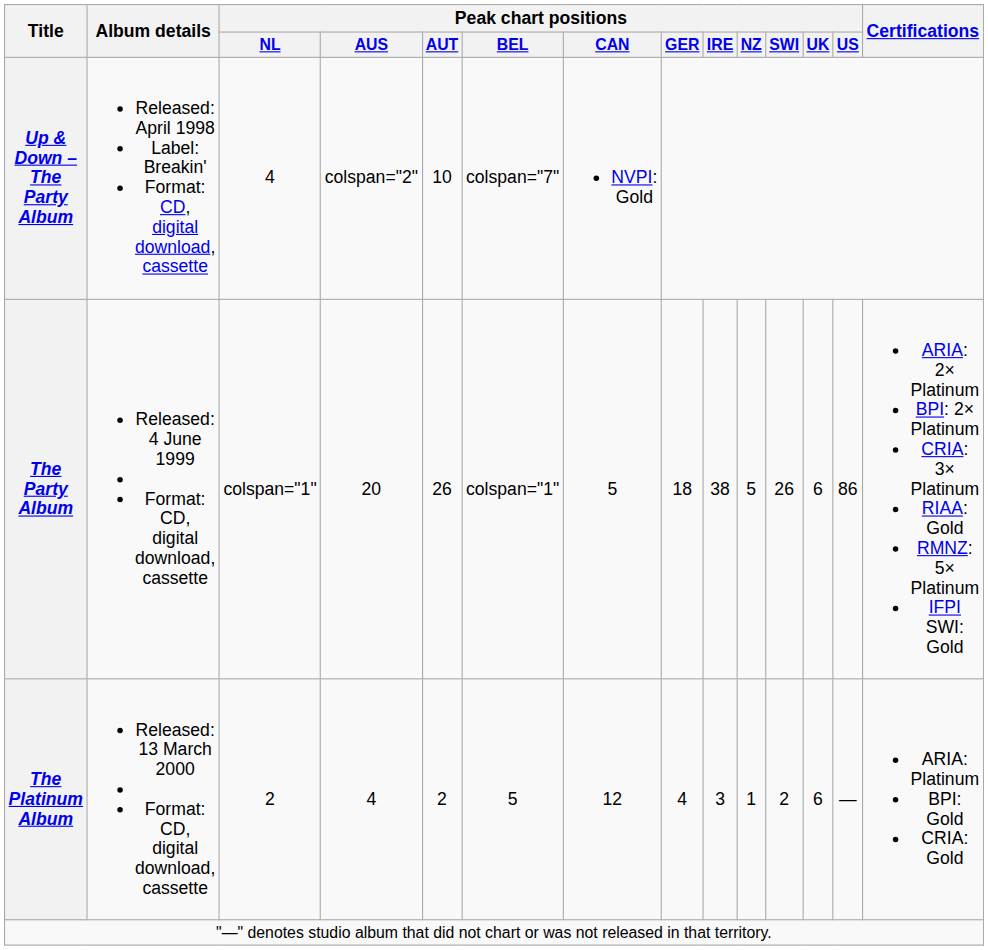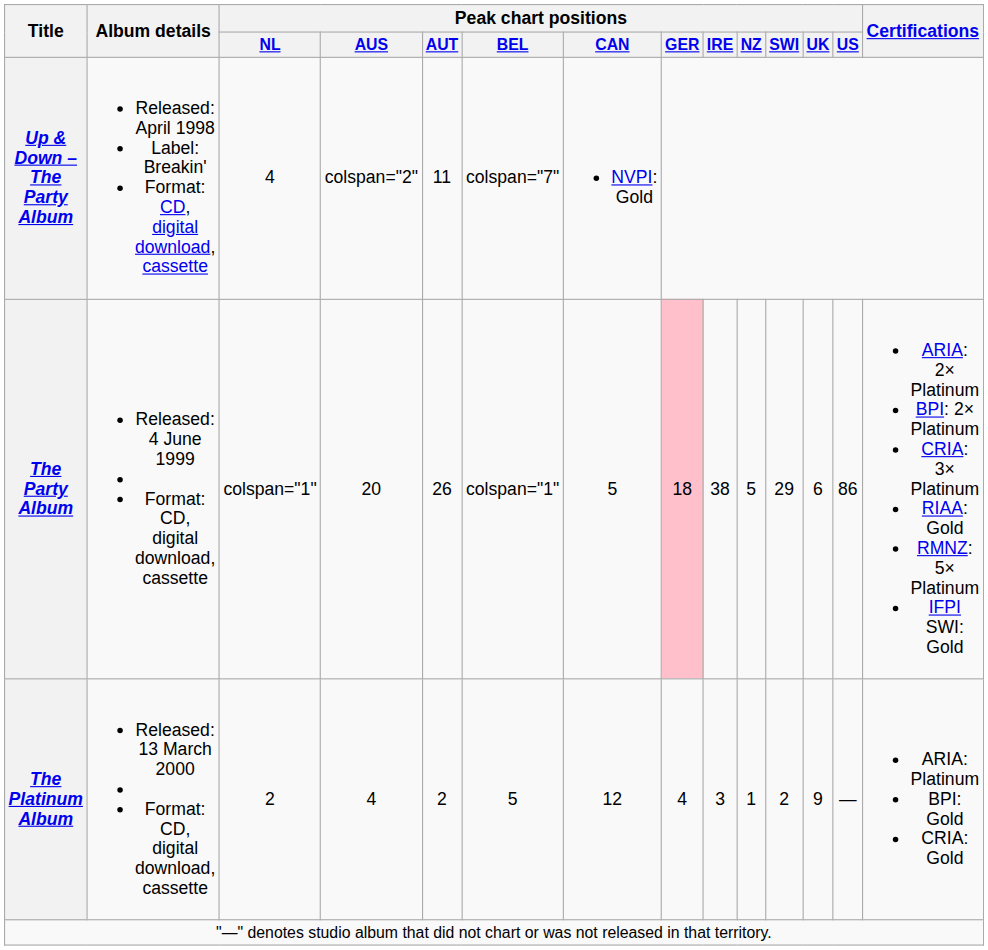 <table class="wikitable plainrowheaders" style="text-align:center;">
 <tr>
 <th scope="col" rowspan="2" style="width:11em;">Title</th>
 <th scope="col" rowspan="2" style="width:16em;">Album details</th>
 <th scope="col" colspan="11">Peak chart positions</th>
 <th scope="col" rowspan="2" style="width:13em;"><a href='#'>Certifications</a></th>
 </tr>
 <tr>
 <th style="width:3em;font-size:90%"><a href='#'>NL</a><br></th>
 <th style="width:3em;font-size:90%;"><a href='#'>AUS</a><br></th>
 <th style="width:3em;font-size:90%;"><a href='#'>AUT</a><br></th>
 <th style="width:3em;font-size:90%"><a href='#'>BEL</a><br></th>
 <th style="width:3em;font-size:90%"><a href='#'>CAN</a><br></th>
 <th style="width:3em;font-size:90%"><a href='#'>GER</a><br></th>
 <th style="width:3em;font-size:90%"><a href='#'>IRE</a><br></th>
 <th style="width:3em;font-size:90%"><a href='#'>NZ</a><br></th>
 <th style="width:3em;font-size:90%"><a href='#'>SWI</a><br></th>
 <th style="width:3em;font-size:90%"><a href='#'>UK</a><br></th>
 <th style="width:3em;font-size:90%"><a href='#'>US</a><br></th>
 </tr>
 <tr>
 <th scope="row"><em><a href='#'>Up & Down – The Party Album</a></em></th>
 <td><br><ul><li>Released: April 1998</li><li>Label: Breakin'</li><li>Format: <a href='#'>CD</a>, <a href='#'>digital download</a>, <a href='#'>cassette</a></li></ul></td>
 <td>4</td>
 <td>colspan="2" </td>
-<td>10</td>
+<td>11</td>
 <td>colspan="7" </td>
 <td><br><ul><li><a href='#'>NVPI</a>: Gold</li></ul></td>
 </tr>
 <tr>
 <th scope="row"><em><a href='#'>The Party Album</a></em></th>
 <td><br><ul><li>Released: 4 June 1999</li><li></li><li>Format: CD, digital download, cassette</li></ul></td>
 <td>colspan="1" </td>
 <td>20</td>
 <td>26</td>
 <td>colspan="1" </td>
 <td>5</td>
-<td>18</td>
+<td style="background: pink;">18</td>
 <td>38</td>
 <td>5</td>
-<td>26</td>
+<td>29</td>
 <td>6</td>
 <td>86</td>
 <td><br><ul><li><a href='#'>ARIA</a>: 2× Platinum</li><li><a href='#'>BPI</a>: 2× Platinum</li><li><a href='#'>CRIA</a>: 3× Platinum</li><li><a href='#'>RIAA</a>: Gold</li><li><a href='#'>RMNZ</a>: 5× Platinum</li><li><a href='#'>IFPI</a> SWI: Gold</li></ul></td>
 </tr>
 <tr>
 <th scope="row"><em><a href='#'>The Platinum Album</a></em></th>
 <td><br><ul><li>Released: 13 March 2000</li><li></li><li>Format: CD, digital download, cassette</li></ul></td>
 <td>2</td>
 <td>4</td>
 <td>2</td>
 <td>5</td>
 <td>12</td>
 <td>4</td>
 <td>3</td>
 <td>1</td>
 <td>2</td>
-<td>6</td>
+<td>9</td>
 <td>—</td>
 <td><br><ul><li>ARIA: Platinum</li><li>BPI: Gold</li><li>CRIA: Gold</li></ul></td>
 </tr>
 <tr>
 <td colspan="16" style="font-size:90%">"—" denotes studio album that did not chart or was not released in that territory.</td>
 </tr>
 </table>
